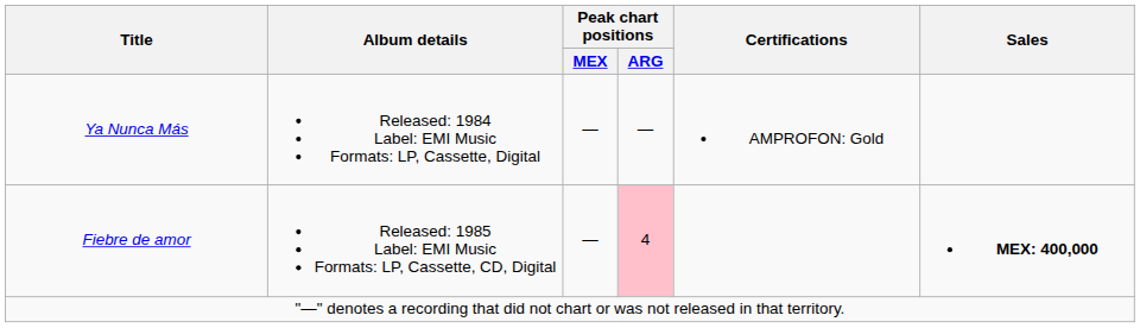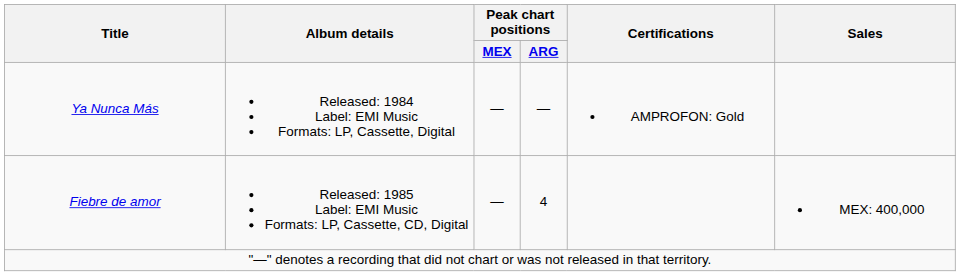 <table class="wikitable plainrowheaders" style="text-align:center;">
 <tr>
 <th scope="col" rowspan="2" style="width:16em;">Title</th>
 <th scope="col" rowspan="2" style="width:18em;">Album details</th>
 <th scope="col" colspan="2">Peak chart positions</th>
 <th scope="col" rowspan="2" style="width:15em;">Certifications</th>
 <th scope="col" rowspan="2" style="width:13em;">Sales</th>
 </tr>
 <tr>
 <th scope="col" style="width:3em;font-size:100%;"><a href='#'>MEX</a><br></th>
 <th scope="col" style="width:3em;font-size:100%;"><a href='#'>ARG</a><br></th>
 </tr>
 <tr>
 <td align="center"><em><a href='#'>Ya Nunca Más</a></em></td>
 <td><br><ul><li>Released: 1984</li><li>Label: EMI Music</li><li>Formats: LP, Cassette, Digital</li></ul></td>
 <td>—</td>
 <td>—</td>
 <td><br><ul><li>AMPROFON: Gold</li></ul></td>
 <td></td>
 </tr>
 <tr>
 <td align="center"><em><a href='#'>Fiebre de amor</a></em></td>
 <td><br><ul><li>Released: 1985</li><li>Label: EMI Music</li><li>Formats: LP, Cassette, CD, Digital</li></ul></td>
 <td>—</td>
-<td style="background: pink;">4</td>
+<td>4</td>
 <td></td>
-<td><strong><br><ul><li>MEX: 400,000</li></ul></strong></td>
+<td><br><ul><li>MEX: 400,000</li></ul></td>
 </tr>
 <tr>
 <td colspan="14" style="font-size:100%">"—" denotes a recording that did not chart or was not released in that territory.</td>
 </tr>
 </table>
